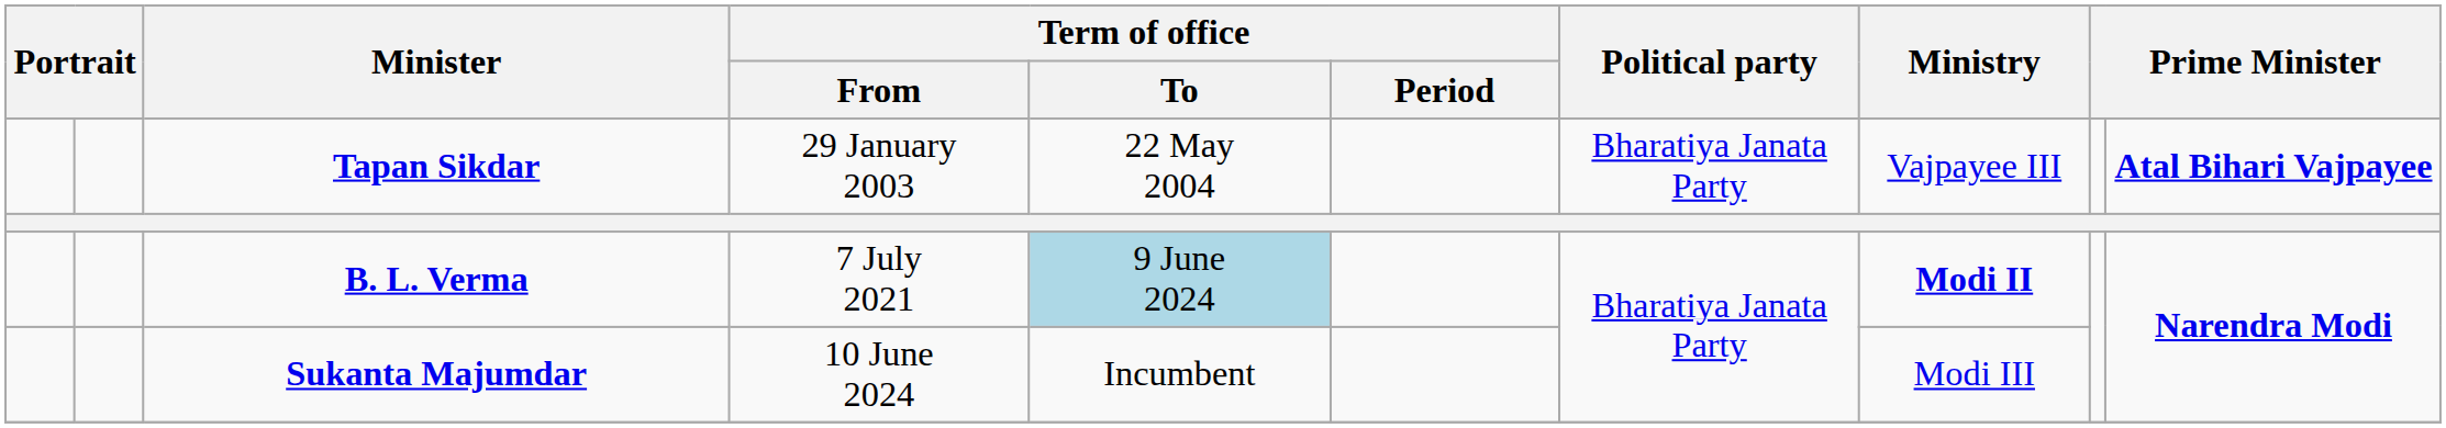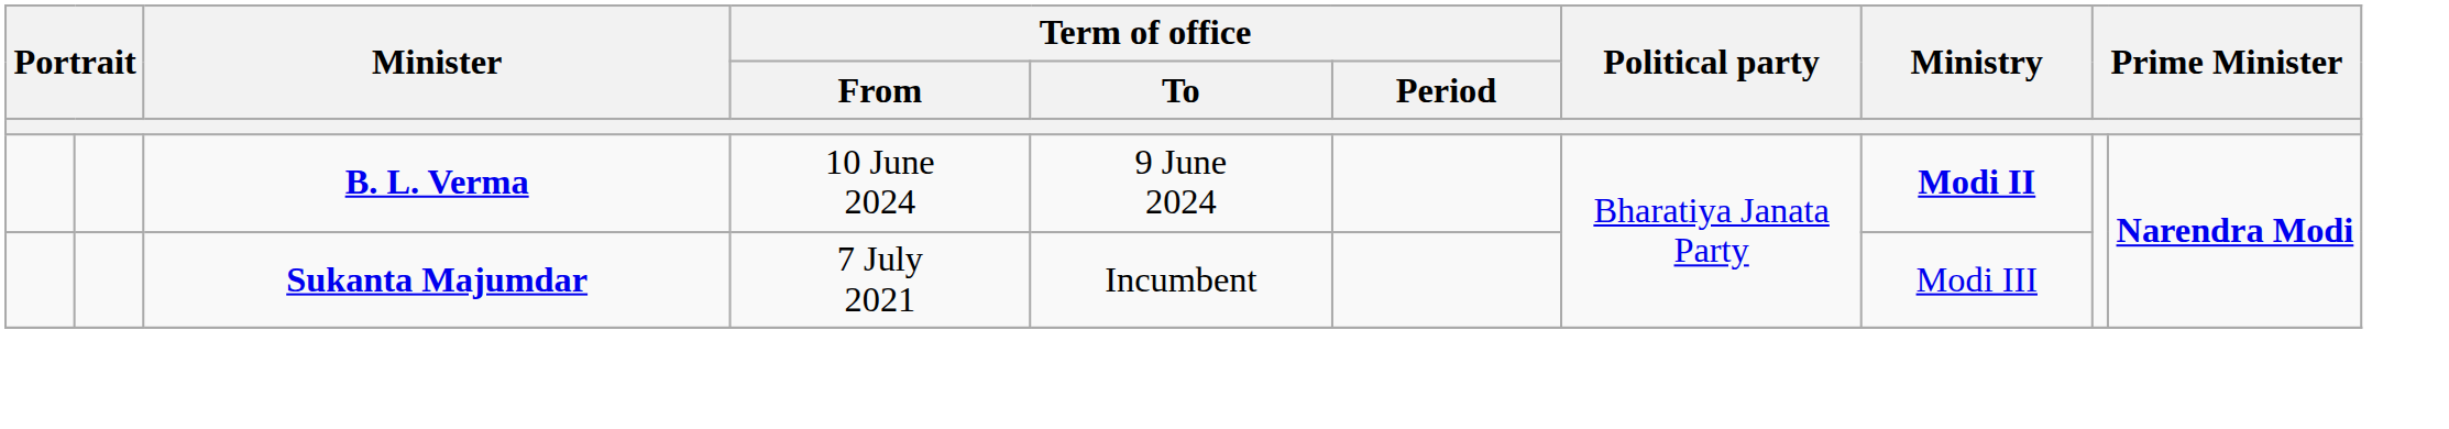 <table class="wikitable" style="text-align:center">
 <tr>
 <th rowspan="2" colspan="2">Portrait</th>
 <th rowspan="2" style="width:16em">Minister<br></th>
 <th colspan="3">Term of office</th>
 <th rowspan="2" style="width:8em">Political party</th>
 <th rowspan="2" style="width:6em">Ministry</th>
 <th rowspan="2" colspan="2">Prime Minister</th>
 </tr>
 <tr>
 <th style="width:8em">From</th>
 <th style="width:8em">To</th>
 <th style="width:6em">Period</th>
 </tr>
 <tr>
-<td></td>
-<td></td>
-<td><strong><a href='#'>Tapan Sikdar</a></strong><br></td>
-<td>29 January<br>2003</td>
-<td>22 May<br>2004</td>
-<td><strong></strong></td>
-<td><a href='#'>Bharatiya Janata Party</a></td>
-<td><a href='#'>Vajpayee III</a></td>
-<td></td>
-<td style="width:9em"><strong><a href='#'>Atal Bihari Vajpayee</a></strong></td>
-</tr>
-<tr>
 <th colspan="10"></th>
 </tr>
 <tr>
 <td></td>
 <td></td>
 <td><strong><a href='#'>B. L. Verma</a></strong><br></td>
-<td>7 July<br>2021</td>
-<td style="background: lightblue;">9 June<br>2024</td>
+<td>10 June<br>2024</td>
+<td>9 June<br>2024</td>
 <td><strong></strong></td>
 <td rowspan="2"><a href='#'>Bharatiya Janata Party</a></td>
 <td><strong><a href='#'>Modi II</a></strong></td>
 <td rowspan="2"></td>
 <td rowspan="2"><strong><a href='#'>Narendra Modi</a></strong></td>
 </tr>
 <tr>
 <td></td>
 <td></td>
 <td><strong><a href='#'>Sukanta Majumdar</a></strong><br></td>
-<td>10 June<br>2024</td>
+<td>7 July<br>2021</td>
 <td>Incumbent</td>
 <td><strong></strong></td>
 <td><a href='#'>Modi III</a></td>
 </tr>
 <tr>
 </tr>
 </table>
